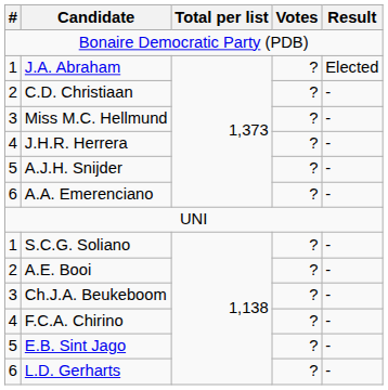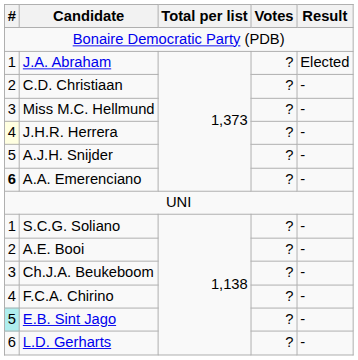 <table class="wikitable">
 <tr>
 <th>#</th>
 <th>Candidate</th>
 <th>Total per list</th>
 <th>Votes</th>
 <th>Result</th>
 </tr>
 <tr>
 <td Colspan = "5" style="text-align:center;"><a href='#'>Bonaire Democratic Party</a> (PDB)</td>
 </tr>
 <tr>
 <td>1</td>
 <td><a href='#'>J.A. Abraham</a></td>
 <td Rowspan="6" style="text-align:right">1,373</td>
 <td style="text-align:right">?</td>
 <td>Elected</td>
 </tr>
 <tr>
 <td>2</td>
 <td>C.D. Christiaan</td>
 <td style="text-align:right">?</td>
 <td>-</td>
 </tr>
 <tr>
 <td>3</td>
 <td>Miss M.C. Hellmund</td>
 <td style="text-align:right">?</td>
 <td>-</td>
 </tr>
 <tr>
-<td>4</td>
+<td style="background: lightyellow;">4</td>
 <td>J.H.R. Herrera</td>
 <td style="text-align:right">?</td>
 <td>-</td>
 </tr>
 <tr>
 <td>5</td>
 <td>A.J.H. Snijder</td>
 <td style="text-align:right">?</td>
 <td>-</td>
 </tr>
 <tr>
-<td>6</td>
+<td><strong>6</strong></td>
 <td>A.A. Emerenciano</td>
 <td style="text-align:right">?</td>
 <td>-</td>
 </tr>
 <tr>
 <td Colspan = "5" style="text-align:center;">UNI</td>
 </tr>
 <tr>
 <td>1</td>
 <td>S.C.G. Soliano</td>
 <td Rowspan="6" style="text-align:right">1,138</td>
 <td style="text-align:right">?</td>
 <td>-</td>
 </tr>
 <tr>
 <td>2</td>
 <td>A.E. Booi</td>
 <td style="text-align:right">?</td>
 <td>-</td>
 </tr>
 <tr>
 <td>3</td>
 <td>Ch.J.A. Beukeboom</td>
 <td style="text-align:right">?</td>
 <td>-</td>
 </tr>
 <tr>
 <td>4</td>
 <td>F.C.A. Chirino</td>
 <td style="text-align:right">?</td>
 <td>-</td>
 </tr>
 <tr>
-<td>5</td>
+<td style="background: paleturquoise;">5</td>
 <td><a href='#'>E.B. Sint Jago</a></td>
 <td style="text-align:right">?</td>
 <td>-</td>
 </tr>
 <tr>
 <td>6</td>
 <td><a href='#'>L.D. Gerharts</a></td>
 <td style="text-align:right">?</td>
 <td>-</td>
 </tr>
 </table>
